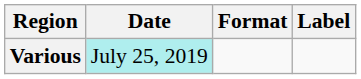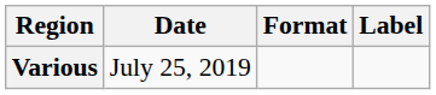 <table class="wikitable plainrowheaders">
 <tr>
 <th>Region</th>
 <th>Date</th>
 <th>Format</th>
 <th>Label</th>
 </tr>
 <tr>
 <th scope="row">Various</th>
-<td style="background: paleturquoise;">July 25, 2019</td>
+<td>July 25, 2019</td>
 <td></td>
 <td rowspan="2"></td>
 </tr>
 </table>
